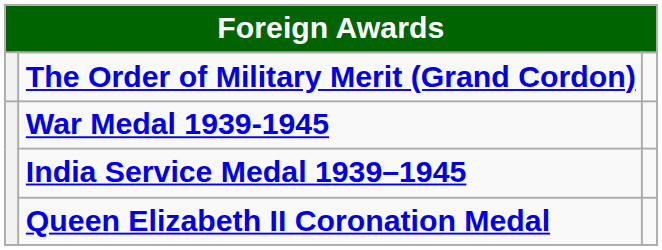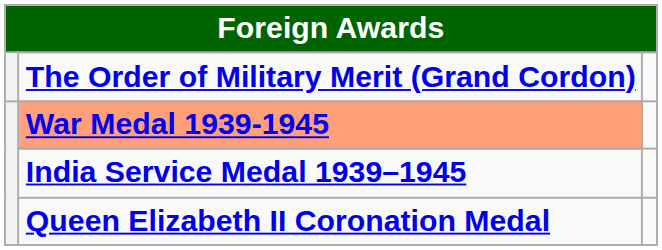 <table class="wikitable">
 <tr>
 <th colspan="3" style="background:#006400; color:#FFFFFF; text-align:center"><strong>Foreign Awards</strong></th>
 </tr>
 <tr>
 <th><strong></strong></th>
 <td><strong><a href='#'>The Order of Military Merit (Grand Cordon)</a></strong></td>
 <td></td>
 </tr>
 <tr>
 <th rowspan="3"><strong></strong></th>
-<td><strong><a href='#'>War Medal 1939-1945</a></strong></td>
+<td style="background: lightsalmon;"><strong><a href='#'>War Medal 1939-1945</a></strong></td>
 <td></td>
 </tr>
 <tr>
 <td><a href='#'><strong>India Service Medal 1939–1945</strong></a></td>
 <td></td>
 </tr>
 <tr>
 <td><strong><a href='#'>Queen Elizabeth II Coronation Medal</a></strong></td>
 <td></td>
 </tr>
 </table>
